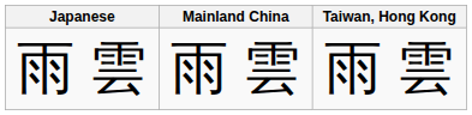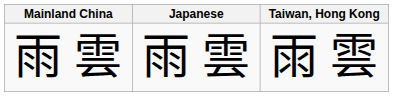 <table class="wikitable" style="text-align: center;">
 <tr>
+<th>Mainland China</th>
 <th>Japanese</th>
-<th>Mainland China</th>
 <th>Taiwan, Hong Kong</th>
 </tr>
 <tr style="font-size:4em;font-family:serif;line-height:100%;">
+<td lang="zh-cn">雨 雲</td>
 <td lang="ja">雨 雲</td>
-<td lang="zh-cn">雨 雲</td>
 <td lang="zh-tw">雨 雲</td>
 </tr>
 </table>
